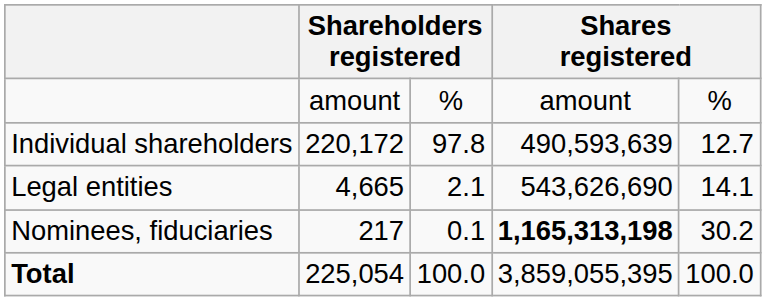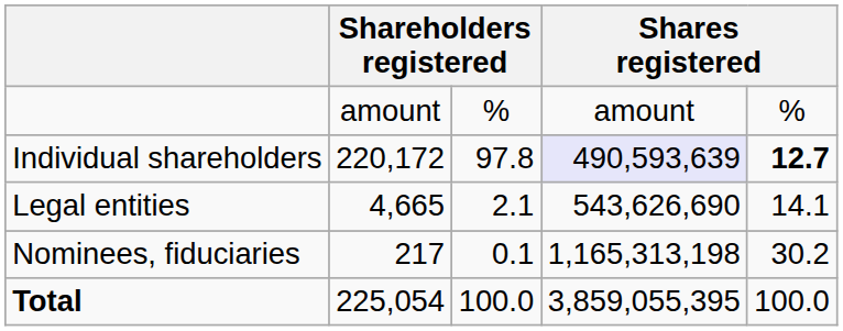 <table class="wikitable">
 <tr valign="bottom">
 <th></th>
 <th colspan="2">Shareholders <br>registered</th>
 <th colspan="2">Shares <br>registered</th>
 </tr>
 <tr>
 <td></td>
 <td style="text-align:center;">amount</td>
 <td style="text-align:center;">%</td>
 <td style="text-align:center;">amount</td>
 <td style="text-align:center;">%</td>
 </tr>
 <tr>
 <td>Individual shareholders</td>
 <td style="text-align:right;">220,172</td>
 <td style="text-align:right;">97.8</td>
-<td style="text-align:right;">490,593,639</td>
-<td style="text-align:right;">12.7</td>
+<td style="background: lavender; text-align:right;">490,593,639</td>
+<td style="text-align:right;"><strong>12.7</strong></td>
 </tr>
 <tr>
 <td>Legal entities</td>
 <td style="text-align:right;">4,665</td>
 <td style="text-align:right;">2.1</td>
 <td style="text-align:right;">543,626,690</td>
 <td style="text-align:right;">14.1</td>
 </tr>
 <tr>
 <td>Nominees, fiduciaries</td>
 <td style="text-align:right;">217</td>
 <td style="text-align:right;">0.1</td>
-<td style="text-align:right;"><strong>1,165,313,198</strong></td>
+<td style="text-align:right;">1,165,313,198</td>
 <td style="text-align:right;">30.2</td>
 </tr>
 <tr>
 <td><strong>Total</strong></td>
 <td style="text-align:right;">225,054</td>
 <td style="text-align:right;">100.0</td>
 <td style="text-align:right;">3,859,055,395</td>
 <td style="text-align:right;">100.0</td>
 </tr>
 </table>
